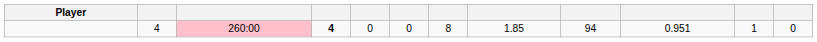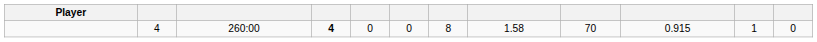 <table class="wikitable sortable" style="width:100%; text-align:center;">
 <tr>
 <th>Player</th>
 <th></th>
 <th></th>
 <th></th>
 <th></th>
 <th></th>
 <th></th>
 <th></th>
 <th></th>
 <th></th>
 <th></th>
 <th></th>
 </tr>
 <tr>
 <td></td>
 <td>4</td>
-<td style="background: pink;">260:00</td>
+<td>260:00</td>
 <td><strong>4</strong></td>
 <td>0</td>
 <td>0</td>
 <td>8</td>
-<td>1.85</td>
-<td>94</td>
-<td>0.951</td>
+<td>1.58</td>
+<td>70</td>
+<td>0.915</td>
 <td>1</td>
 <td>0</td>
 </tr>
 </table>
